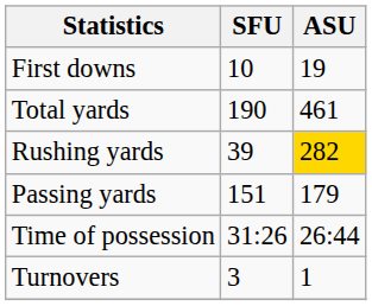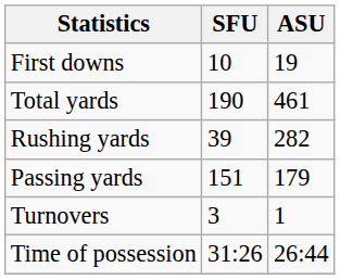 <table class="wikitable" style="float: left;">
 <tr>
 <th>Statistics</th>
 <th>SFU</th>
 <th>ASU</th>
 </tr>
 <tr>
 <td>First downs</td>
 <td>10</td>
 <td>19</td>
 </tr>
 <tr>
 <td>Total yards</td>
 <td>190</td>
 <td>461</td>
 </tr>
 <tr>
 <td>Rushing yards</td>
 <td>39</td>
-<td style="background: gold;">282</td>
+<td>282</td>
 </tr>
 <tr>
 <td>Passing yards</td>
 <td>151</td>
 <td>179</td>
 </tr>
 <tr>
+<td>Turnovers</td>
+<td>3</td>
+<td>1</td>
+</tr>
+<tr>
 <td>Time of possession</td>
 <td>31:26</td>
 <td>26:44</td>
 </tr>
 <tr>
-<td>Turnovers</td>
-<td>3</td>
-<td>1</td>
-</tr>
-<tr>
 </tr>
 </table>
